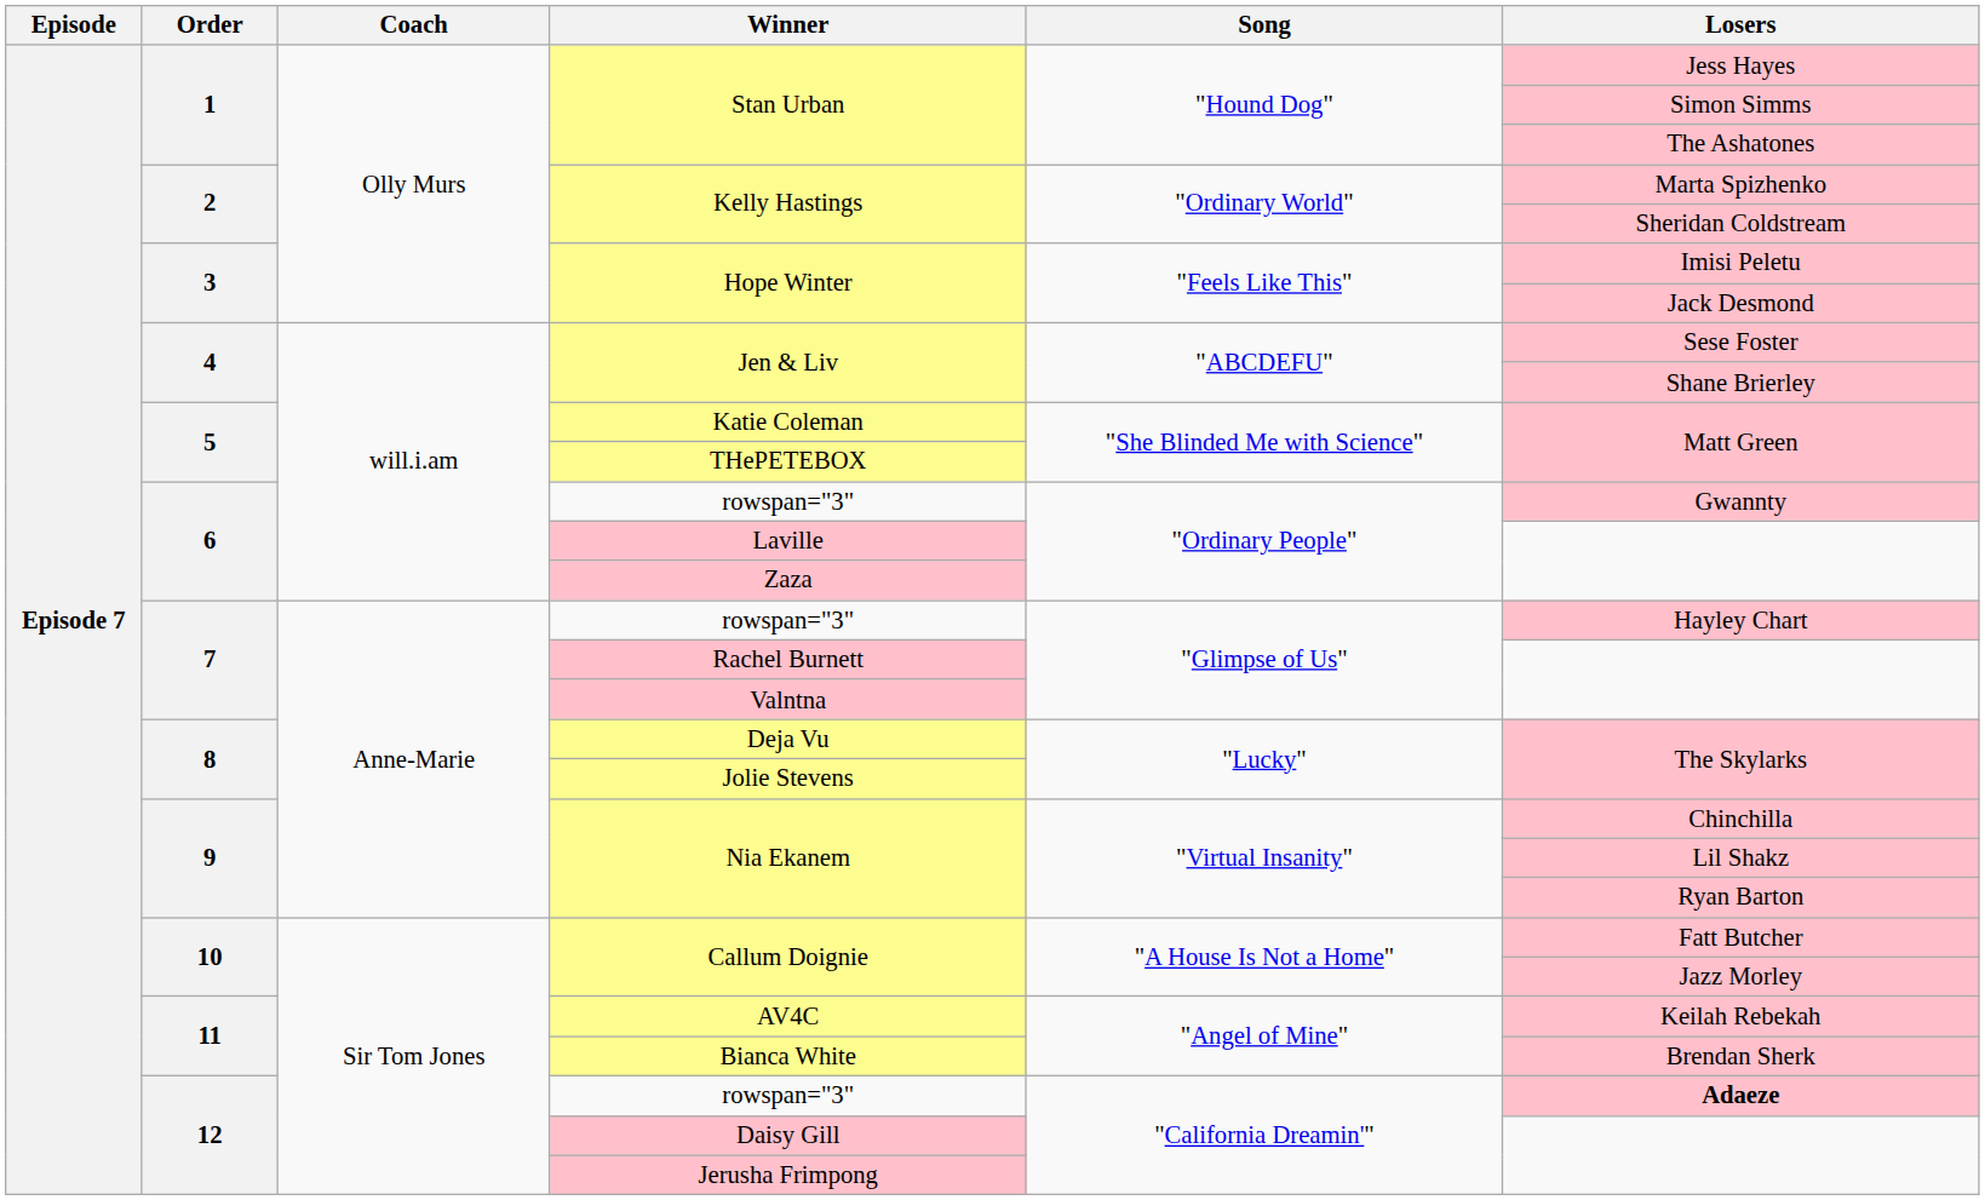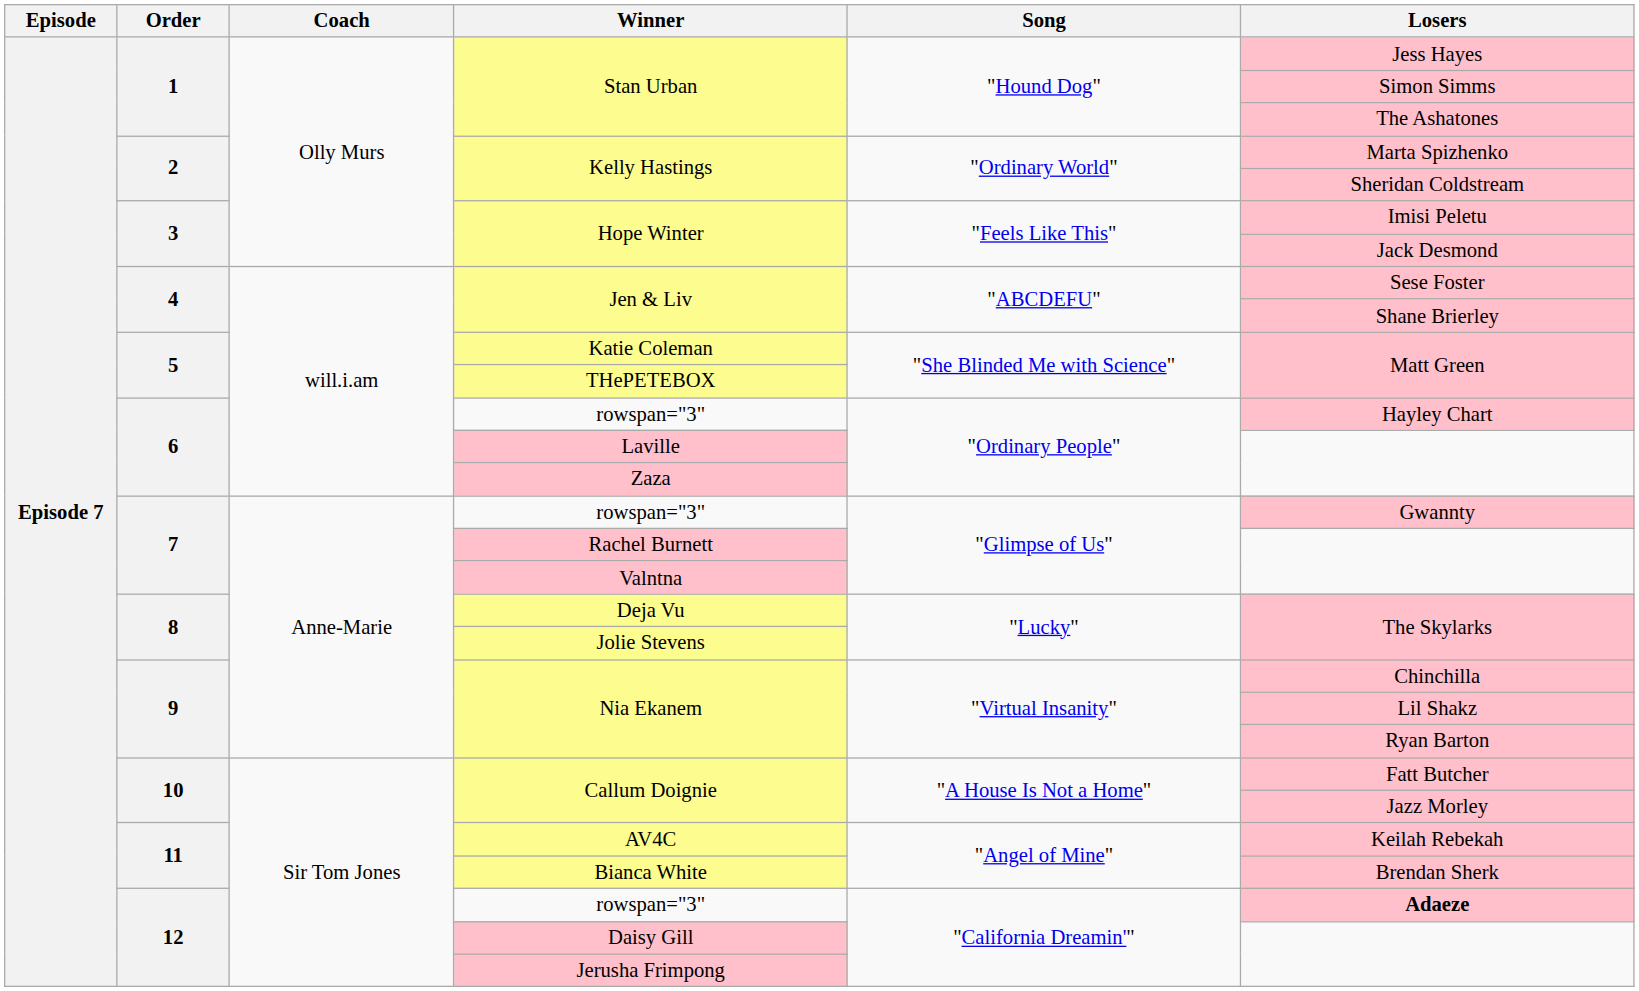 <table class="wikitable" style="text-align: center; width: 100%">
 <tr>
 <th style="width:05%">Episode</th>
 <th style="width:05%">Order</th>
 <th style="width:10%">Coach</th>
 <th style="width:17.5%">Winner</th>
 <th style="width:17.5%">Song</th>
 <th style="width:17.5%">Losers</th>
 </tr>
 <tr>
 <th scope="row" rowspan="34">Episode 7<br></th>
 <th rowspan="3">1</th>
 <td rowspan="7">Olly Murs</td>
 <td rowspan="3" bgcolor="#fdfc8f">Stan Urban</td>
 <td rowspan="3">"<a href='#'>Hound Dog</a>"</td>
 <td bgcolor="pink">Jess Hayes</td>
 </tr>
 <tr>
 <td bgcolor="pink">Simon Simms</td>
 </tr>
 <tr>
 <td bgcolor="pink">The Ashatones</td>
 </tr>
 <tr>
 <th rowspan="2">2</th>
 <td rowspan="2" bgcolor="#fdfc8f">Kelly Hastings</td>
 <td rowspan="2">"<a href='#'>Ordinary World</a>"</td>
 <td bgcolor="pink">Marta Spizhenko</td>
 </tr>
 <tr>
 <td bgcolor="pink">Sheridan Coldstream</td>
 </tr>
 <tr>
 <th rowspan="2">3</th>
 <td rowspan="2" bgcolor="#fdfc8f">Hope Winter</td>
 <td rowspan="2">"<a href='#'>Feels Like This</a>"</td>
 <td bgcolor="pink">Imisi Peletu</td>
 </tr>
 <tr>
 <td bgcolor="pink">Jack Desmond</td>
 </tr>
 <tr>
 <th rowspan="2">4</th>
 <td rowspan="7">will.i.am</td>
 <td rowspan="2" bgcolor="#fdfc8f">Jen & Liv</td>
 <td rowspan="2">"<a href='#'>ABCDEFU</a>"</td>
 <td bgcolor="pink">Sese Foster</td>
 </tr>
 <tr>
 <td bgcolor="pink">Shane Brierley</td>
 </tr>
 <tr>
 <th rowspan="2">5</th>
 <td bgcolor="#fdfc8f">Katie Coleman</td>
 <td rowspan="2">"<a href='#'>She Blinded Me with Science</a>"</td>
 <td rowspan="2" bgcolor="pink">Matt Green</td>
 </tr>
 <tr>
 <td bgcolor="#fdfc8f">THePETEBOX</td>
 </tr>
 <tr>
 <th rowspan="3">6</th>
 <td>rowspan="3" </td>
 <td rowspan="3">"<a href='#'>Ordinary People</a>"</td>
-<td bgcolor="pink">Gwannty</td>
+<td bgcolor="pink">Hayley Chart</td>
 </tr>
 <tr>
 <td bgcolor="pink">Laville</td>
 </tr>
 <tr>
 <td bgcolor="pink">Zaza</td>
 </tr>
 <tr>
 <th rowspan="3">7</th>
 <td rowspan="8">Anne-Marie</td>
 <td>rowspan="3" </td>
 <td rowspan="3">"<a href='#'>Glimpse of Us</a>"</td>
-<td bgcolor="pink">Hayley Chart</td>
+<td bgcolor="pink">Gwannty</td>
 </tr>
 <tr>
 <td bgcolor="pink">Rachel Burnett</td>
 </tr>
 <tr>
 <td bgcolor="pink">Valntna</td>
 </tr>
 <tr>
 <th rowspan="2">8</th>
 <td bgcolor="#fdfc8f">Deja Vu</td>
 <td rowspan="2">"<a href='#'>Lucky</a>"</td>
 <td rowspan="2" bgcolor="pink">The Skylarks</td>
 </tr>
 <tr>
 <td bgcolor="fdfc8f">Jolie Stevens</td>
 </tr>
 <tr>
 <th rowspan="3">9</th>
 <td rowspan="3" bgcolor="#fdfc8f">Nia Ekanem</td>
 <td rowspan="3">"<a href='#'>Virtual Insanity</a>"</td>
 <td bgcolor="pink">Chinchilla</td>
 </tr>
 <tr>
 <td bgcolor="pink">Lil Shakz</td>
 </tr>
 <tr>
 <td bgcolor="pink">Ryan Barton</td>
 </tr>
 <tr>
 <th rowspan="2">10</th>
 <td rowspan="7">Sir Tom Jones</td>
 <td rowspan="2" bgcolor="#fdfc8f">Callum Doignie</td>
 <td rowspan="2">"<a href='#'>A House Is Not a Home</a>"</td>
 <td bgcolor="pink">Fatt Butcher</td>
 </tr>
 <tr>
 <td bgcolor="pink">Jazz Morley</td>
 </tr>
 <tr>
 <th rowspan="2">11</th>
 <td bgcolor="#fdfc8f">AV4C</td>
 <td rowspan="2">"<a href='#'>Angel of Mine</a>"</td>
 <td bgcolor="pink">Keilah Rebekah</td>
 </tr>
 <tr>
 <td bgcolor="#fdfc8f">Bianca White</td>
 <td bgcolor="pink">Brendan Sherk</td>
 </tr>
 <tr>
 <th rowspan="3">12</th>
 <td>rowspan="3" </td>
 <td rowspan="3">"<a href='#'>California Dreamin'</a>"</td>
 <td bgcolor="pink"><strong>Adaeze</strong></td>
 </tr>
 <tr>
 <td bgcolor="pink">Daisy Gill</td>
 </tr>
 <tr>
 <td bgcolor="pink">Jerusha Frimpong</td>
 </tr>
 </table>
